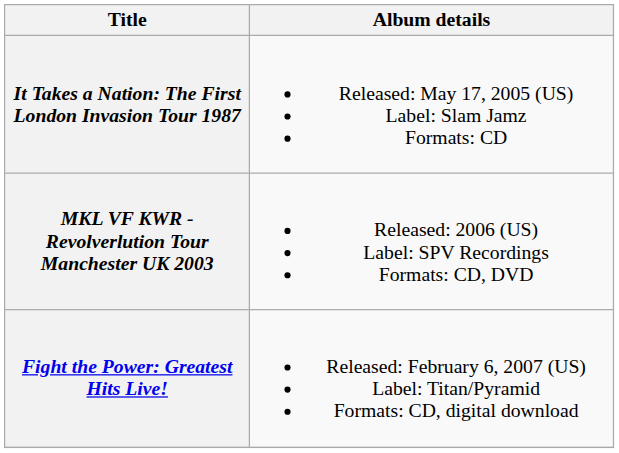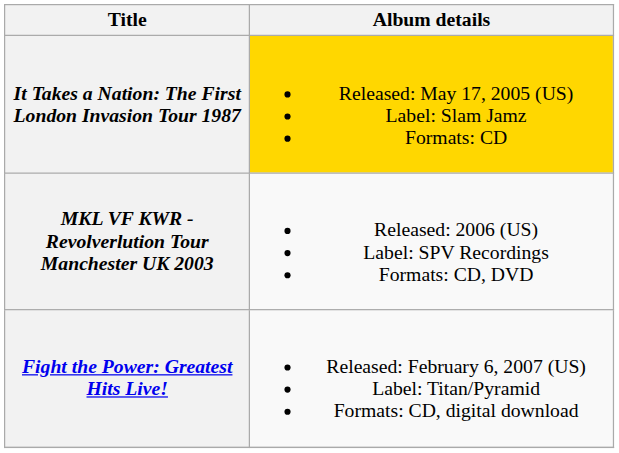 <table class="wikitable plainrowheaders" style="text-align:center;">
 <tr>
 <th scope="col" style="width:12em;">Title</th>
 <th scope="col" style="width:18em;">Album details</th>
 </tr>
 <tr>
 <th scope="row"><em>It Takes a Nation: The First London Invasion Tour 1987</em></th>
-<td><br><ul><li>Released: May 17, 2005 <span>(US)</span></li><li>Label: Slam Jamz</li><li>Formats: CD</li></ul></td>
+<td style="background: gold;"><br><ul><li>Released: May 17, 2005 <span>(US)</span></li><li>Label: Slam Jamz</li><li>Formats: CD</li></ul></td>
 </tr>
 <tr>
 <th scope="row"><em>MKL VF KWR - Revolverlution Tour Manchester UK 2003 </em></th>
 <td><br><ul><li>Released: 2006 <span>(US)</span></li><li>Label: SPV Recordings</li><li>Formats: CD, DVD</li></ul></td>
 </tr>
 <tr>
 <th scope="row"><em><a href='#'>Fight the Power: Greatest Hits Live!</a></em></th>
 <td><br><ul><li>Released: February 6, 2007 <span>(US)</span></li><li>Label: Titan/Pyramid</li><li>Formats: CD, digital download</li></ul></td>
 </tr>
 <tr>
 </tr>
 </table>
